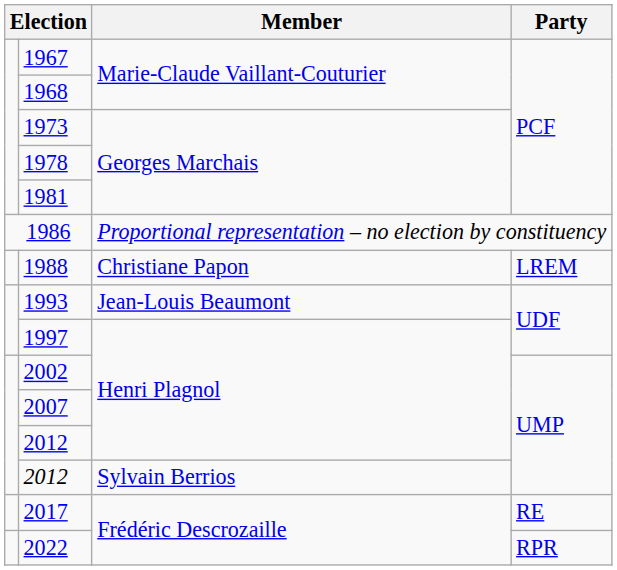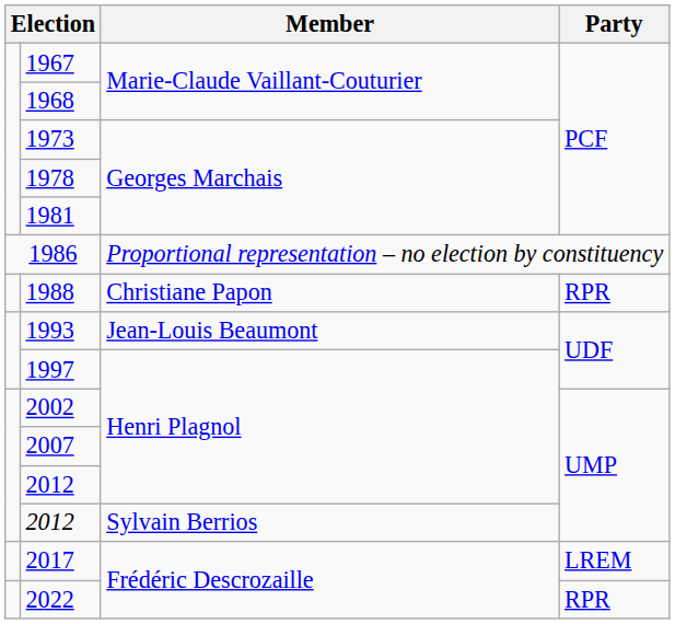 <table class="wikitable">
 <tr>
 <th colspan="2">Election</th>
 <th>Member</th>
 <th>Party</th>
 </tr>
 <tr>
 <td rowspan="5" style="color:inherit;background-color: "></td>
 <td><a href='#'>1967</a></td>
 <td rowspan="2"><a href='#'>Marie-Claude Vaillant-Couturier</a></td>
 <td rowspan="5"><a href='#'>PCF</a></td>
 </tr>
 <tr>
 <td><a href='#'>1968</a></td>
 </tr>
 <tr>
 <td><a href='#'>1973</a></td>
 <td rowspan="3"><a href='#'>Georges Marchais</a></td>
 </tr>
 <tr>
 <td><a href='#'>1978</a></td>
 </tr>
 <tr>
 <td><a href='#'>1981</a></td>
 </tr>
 <tr>
 <td colspan="2" align="center"><a href='#'>1986</a></td>
 <td colspan="2"><em><a href='#'>Proportional representation</a> – no election by constituency</em></td>
 </tr>
 <tr>
 <td style="color:inherit;background-color: "></td>
 <td><a href='#'>1988</a></td>
 <td><a href='#'>Christiane Papon</a></td>
-<td><a href='#'>LREM</a></td>
+<td><a href='#'>RPR</a></td>
 </tr>
 <tr>
 <td rowspan="2" style="color:inherit;background-color: "></td>
 <td><a href='#'>1993</a></td>
 <td><a href='#'>Jean-Louis Beaumont</a></td>
 <td rowspan="2"><a href='#'>UDF</a></td>
 </tr>
 <tr>
 <td><a href='#'>1997</a></td>
 <td rowspan="4"><a href='#'>Henri Plagnol</a></td>
 </tr>
 <tr>
 <td rowspan="4" style="color:inherit;background-color: "></td>
 <td><a href='#'>2002</a></td>
 <td rowspan="4"><a href='#'>UMP</a></td>
 </tr>
 <tr>
 <td><a href='#'>2007</a></td>
 </tr>
 <tr>
 <td><a href='#'>2012</a></td>
 </tr>
 <tr>
 <td><em>2012</em></td>
 <td><a href='#'>Sylvain Berrios</a></td>
 </tr>
 <tr>
 <td style="color:inherit;background-color: "></td>
 <td><a href='#'>2017</a></td>
 <td rowspan="2"><a href='#'>Frédéric Descrozaille</a></td>
-<td><a href='#'>RE</a></td>
+<td><a href='#'>LREM</a></td>
 </tr>
 <tr>
 <td style="color:inherit;background-color: "></td>
 <td><a href='#'>2022</a></td>
 <td><a href='#'>RPR</a></td>
 </tr>
 </table>
